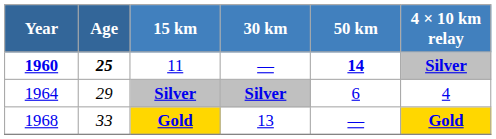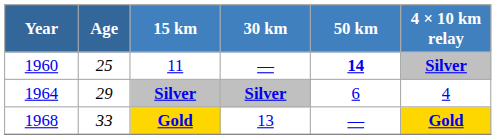 <table class="wikitable" style="font-size:95%; text-align:center; border:grey solid 1px; border-collapse:collapse; background:#ffffff;">
 <tr>
 <th style="background-color:#369; color:white; width:60px;"> Year </th>
 <th style="background-color:#369; color:white; width:40px;"> Age </th>
 <th style="background-color:#4180be; color:white; width:75px;"> 15 km </th>
 <th style="background-color:#4180be; color:white; width:75px;"> 30 km </th>
 <th style="background-color:#4180be; color:white; width:75px;"> 50 km </th>
 <th style="background-color:#4180be; color:white; width:75px;"> 4 × 10 km <br> relay </th>
 </tr>
 <tr>
-<td><strong><a href='#'>1960</a></strong></td>
-<td><strong><em>25</em></strong></td>
+<td><a href='#'>1960</a></td>
+<td><em>25</em></td>
 <td><a href='#'>11</a></td>
 <td><a href='#'>—</a></td>
 <td><strong><a href='#'>14</a></strong></td>
 <td style="background:silver;"><a href='#'><strong>Silver</strong></a></td>
 </tr>
 <tr>
 <td><a href='#'>1964</a></td>
 <td><em>29</em></td>
 <td style="background:silver;"><a href='#'><strong>Silver</strong></a></td>
 <td style="background:silver;"><a href='#'><strong>Silver</strong></a></td>
 <td><a href='#'>6</a></td>
 <td><a href='#'>4</a></td>
 </tr>
 <tr>
 <td><a href='#'>1968</a></td>
 <td><em>33</em></td>
 <td style="background:gold;"><a href='#'><strong>Gold</strong></a></td>
 <td><a href='#'>13</a></td>
 <td><a href='#'>—</a></td>
 <td style="background:gold;"><a href='#'><strong>Gold</strong></a></td>
 </tr>
 <tr>
 </tr>
 </table>
